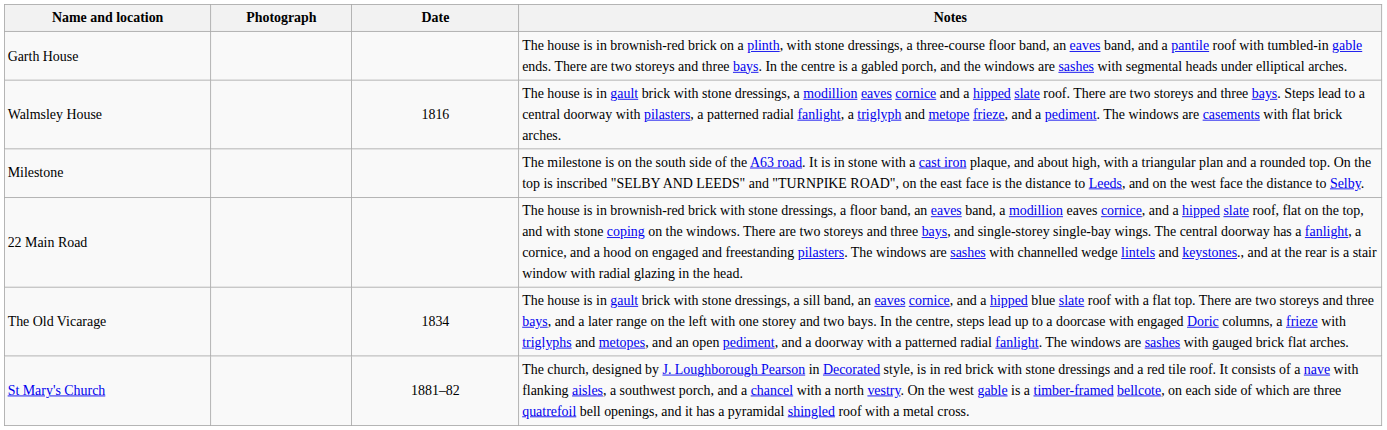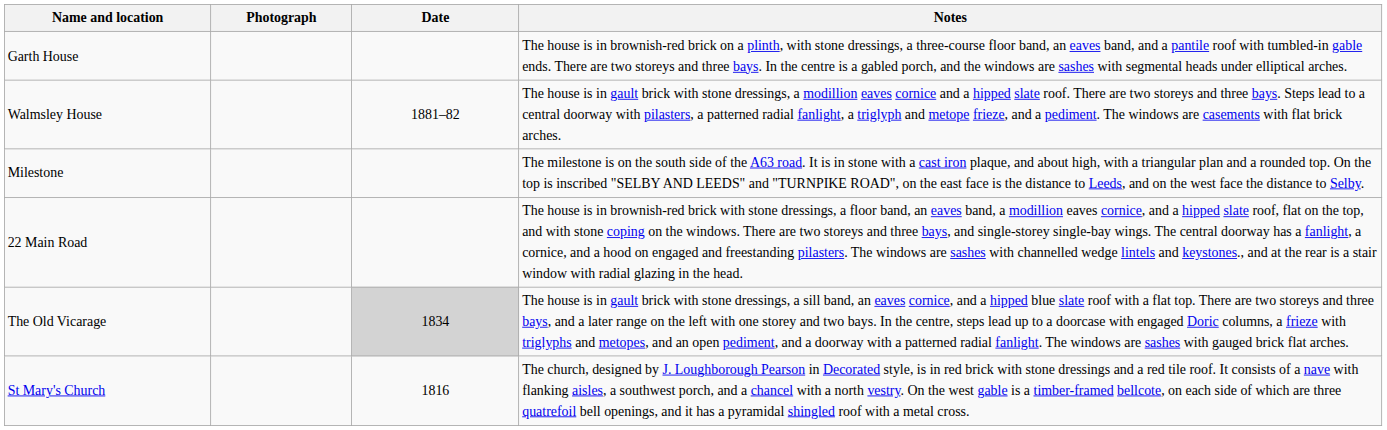 <table class="wikitable sortable plainrowheaders" style="width:100%;border:0px;text-align:left;line-height:150%;">
 <tr>
 <th scope="col"  style="width:150px">Name and location</th>
 <th scope="col"  style="width:100px" class="unsortable">Photograph</th>
 <th scope="col"  style="width:120px">Date</th>
 <th scope="col"  style="width:650px" class="unsortable">Notes</th>
 </tr>
 <tr>
 <td>Garth House<br><small></small></td>
 <td></td>
 <td align="center"></td>
 <td>The house is in brownish-red brick on a <a href='#'>plinth</a>, with stone dressings, a three-course floor band, an <a href='#'>eaves</a> band, and a <a href='#'>pantile</a> roof with tumbled-in <a href='#'>gable</a> ends.  There are two storeys and three <a href='#'>bays</a>.  In the centre is a gabled porch, and the windows are <a href='#'>sashes</a> with segmental heads under elliptical arches.</td>
 </tr>
 <tr>
 <td>Walmsley House<br><small></small></td>
 <td></td>
-<td align="center">1816</td>
+<td align="center">1881–82</td>
 <td>The house is in <a href='#'>gault</a> brick with stone dressings, a <a href='#'>modillion</a> <a href='#'>eaves</a> <a href='#'>cornice</a> and a <a href='#'>hipped</a> <a href='#'>slate</a> roof. There are two storeys and three <a href='#'>bays</a>.  Steps lead to a central doorway with <a href='#'>pilasters</a>, a patterned radial <a href='#'>fanlight</a>, a <a href='#'>triglyph</a> and <a href='#'>metope</a> <a href='#'>frieze</a>, and a <a href='#'>pediment</a>.  The windows are <a href='#'>casements</a> with flat brick arches.</td>
 </tr>
 <tr>
 <td>Milestone<br><small></small></td>
 <td></td>
 <td align="center"></td>
 <td>The milestone is on the south side of the <a href='#'>A63 road</a>.  It is in stone with a <a href='#'>cast iron</a> plaque, and about  high, with a triangular plan and a rounded top.  On the top is inscribed "SELBY AND LEEDS" and "TURNPIKE ROAD", on the east face is the distance to <a href='#'>Leeds</a>, and on the west face the distance to <a href='#'>Selby</a>.</td>
 </tr>
 <tr>
 <td>22 Main Road<br><small></small></td>
 <td></td>
 <td align="center"></td>
 <td>The house is in brownish-red brick with stone dressings, a floor band, an <a href='#'>eaves</a> band, a <a href='#'>modillion</a> eaves <a href='#'>cornice</a>, and a <a href='#'>hipped</a> <a href='#'>slate</a> roof, flat on the top, and with stone <a href='#'>coping</a> on the windows.  There are two storeys and three <a href='#'>bays</a>, and single-storey single-bay wings.  The central doorway has a <a href='#'>fanlight</a>, a cornice, and a hood on engaged and freestanding <a href='#'>pilasters</a>.  The windows are <a href='#'>sashes</a> with channelled wedge <a href='#'>lintels</a> and <a href='#'>keystones</a>., and at the rear is a stair window with radial glazing in the head.</td>
 </tr>
 <tr>
 <td>The Old Vicarage<br><small></small></td>
 <td></td>
-<td align="center">1834</td>
+<td align="center" style="background: lightgrey;">1834</td>
 <td>The house is in <a href='#'>gault</a> brick with stone dressings, a sill band, an <a href='#'>eaves</a> <a href='#'>cornice</a>, and a <a href='#'>hipped</a> blue <a href='#'>slate</a> roof with a flat top.  There are two storeys and three <a href='#'>bays</a>, and a later range on the left with one storey and two bays.  In the centre, steps lead up to a doorcase with engaged <a href='#'>Doric</a> columns, a <a href='#'>frieze</a> with <a href='#'>triglyphs</a> and <a href='#'>metopes</a>, and an open <a href='#'>pediment</a>, and a doorway with a patterned radial <a href='#'>fanlight</a>.  The windows are <a href='#'>sashes</a> with gauged brick flat arches.</td>
 </tr>
 <tr>
 <td><a href='#'>St Mary's Church</a><br><small></small></td>
 <td></td>
-<td align="center">1881–82</td>
+<td align="center">1816</td>
 <td>The church, designed by <a href='#'>J. Loughborough Pearson</a> in <a href='#'>Decorated</a> style, is in red brick with stone dressings and a red tile roof.  It consists of a <a href='#'>nave</a> with flanking <a href='#'>aisles</a>, a southwest porch, and a <a href='#'>chancel</a> with a north <a href='#'>vestry</a>.  On the west <a href='#'>gable</a> is a <a href='#'>timber-framed</a> <a href='#'>bellcote</a>, on each side of which are three <a href='#'>quatrefoil</a> bell openings, and it has a pyramidal <a href='#'>shingled</a> roof with a metal cross.</td>
 </tr>
 <tr>
 </tr>
 </table>
